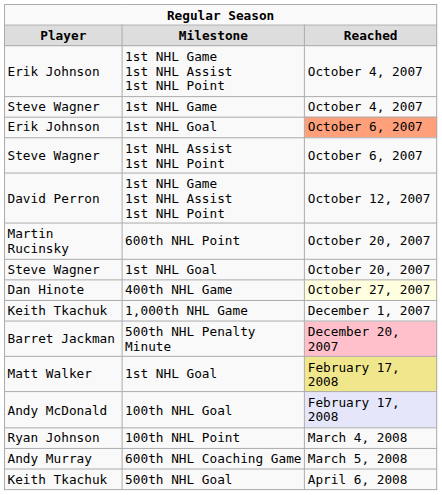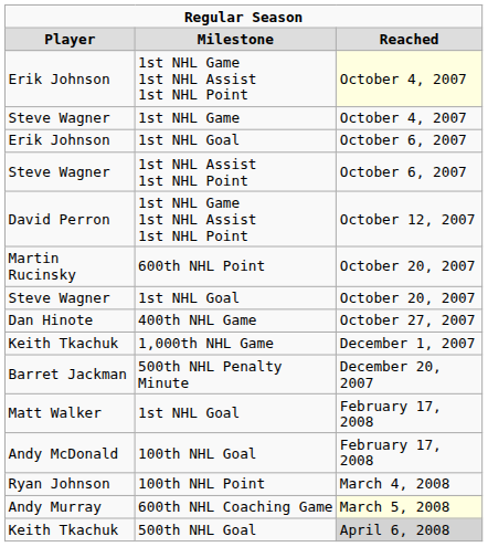 <table class="wikitable" width="50%">
 <tr>
 <td colspan="10" align="center"><strong>Regular Season</strong></td>
 </tr>
 <tr align="center"  bgcolor="#dddddd">
 <td><strong>Player</strong></td>
 <td><strong>Milestone</strong></td>
 <td><strong>Reached</strong></td>
 </tr>
 <tr>
 <td>Erik Johnson</td>
 <td>1st NHL Game<br>1st NHL Assist<br>1st NHL Point</td>
-<td>October 4, 2007</td>
+<td style="background: lightyellow;">October 4, 2007</td>
 </tr>
 <tr>
 <td>Steve Wagner</td>
 <td>1st NHL Game</td>
 <td>October 4, 2007</td>
 </tr>
 <tr>
 <td>Erik Johnson</td>
 <td>1st NHL Goal</td>
-<td style="background: lightsalmon;">October 6, 2007</td>
+<td>October 6, 2007</td>
 </tr>
 <tr>
 <td>Steve Wagner</td>
 <td>1st NHL Assist<br>1st NHL Point</td>
 <td>October 6, 2007</td>
 </tr>
 <tr>
 <td>David Perron</td>
 <td>1st NHL Game<br>1st NHL Assist<br>1st NHL Point</td>
 <td>October 12, 2007</td>
 </tr>
 <tr>
 <td>Martin Rucinsky</td>
 <td>600th NHL Point</td>
 <td>October 20, 2007</td>
 </tr>
 <tr>
 <td>Steve Wagner</td>
 <td>1st NHL Goal</td>
 <td>October 20, 2007</td>
 </tr>
 <tr>
 <td>Dan Hinote</td>
 <td>400th NHL Game</td>
-<td style="background: lightyellow;">October 27, 2007</td>
+<td>October 27, 2007</td>
 </tr>
 <tr>
 <td>Keith Tkachuk</td>
 <td>1,000th NHL Game</td>
 <td>December 1, 2007</td>
 </tr>
 <tr>
 <td>Barret Jackman</td>
 <td>500th NHL Penalty Minute</td>
-<td style="background: pink;">December 20, 2007</td>
+<td>December 20, 2007</td>
 </tr>
 <tr>
 <td>Matt Walker</td>
 <td>1st NHL Goal</td>
-<td style="background: khaki;">February 17, 2008</td>
+<td>February 17, 2008</td>
 </tr>
 <tr>
 <td>Andy McDonald</td>
 <td>100th NHL Goal</td>
-<td style="background: lavender;">February 17, 2008</td>
+<td>February 17, 2008</td>
 </tr>
 <tr>
 <td>Ryan Johnson</td>
 <td>100th NHL Point</td>
 <td>March 4, 2008</td>
 </tr>
 <tr>
 <td>Andy Murray</td>
 <td>600th NHL Coaching Game</td>
-<td>March 5, 2008</td>
+<td style="background: lightyellow;">March 5, 2008</td>
 </tr>
 <tr>
 <td>Keith Tkachuk</td>
 <td>500th NHL Goal</td>
-<td>April 6, 2008</td>
+<td style="background: lightgrey;">April 6, 2008</td>
 </tr>
 </table>
